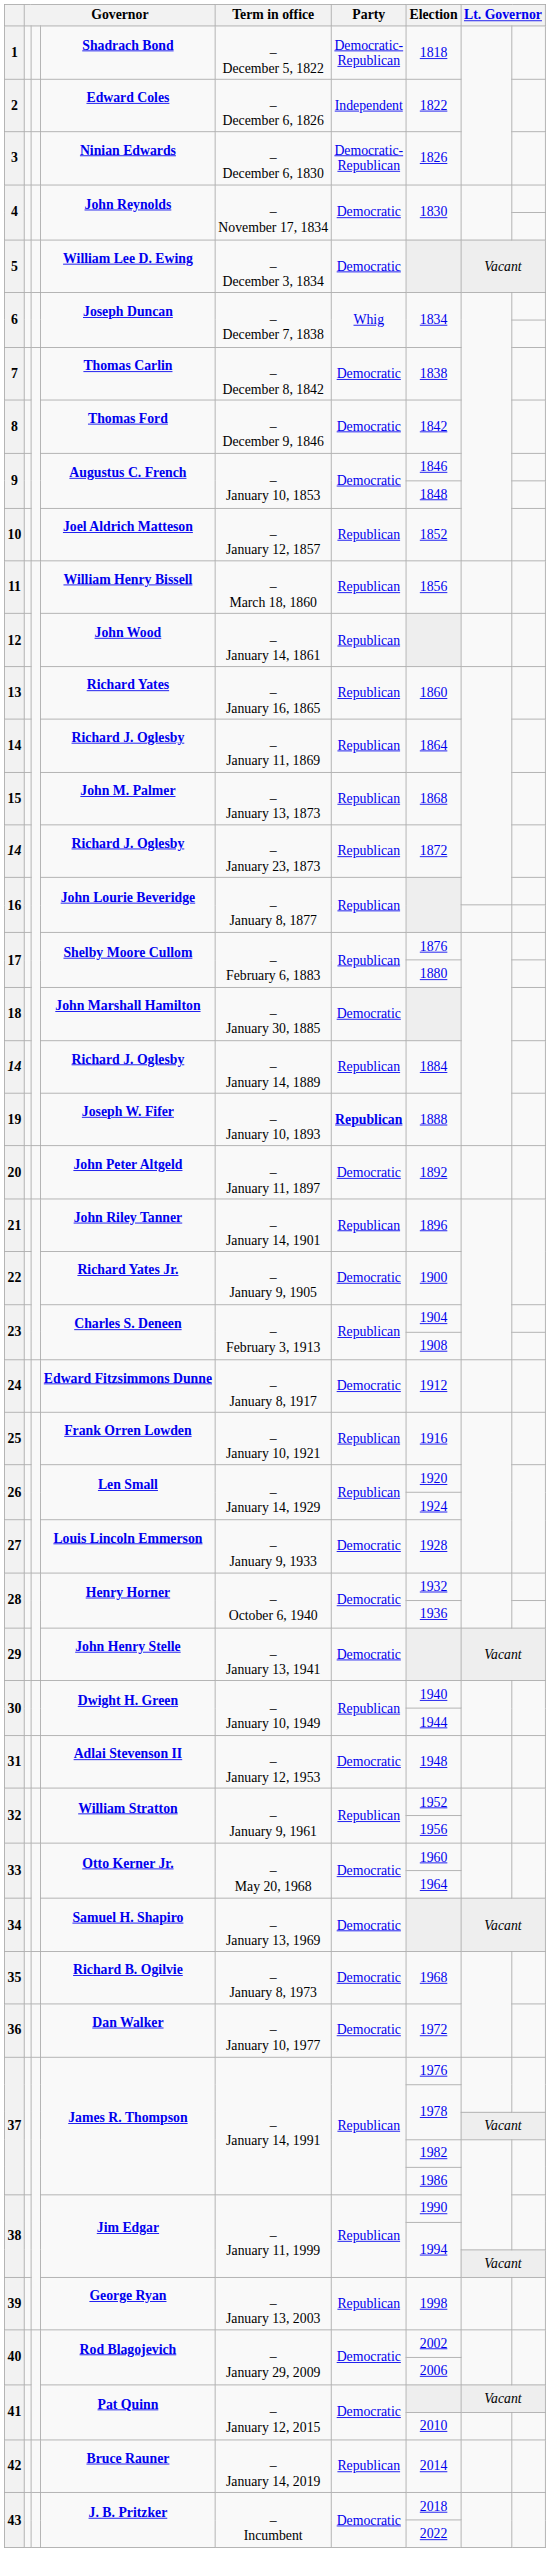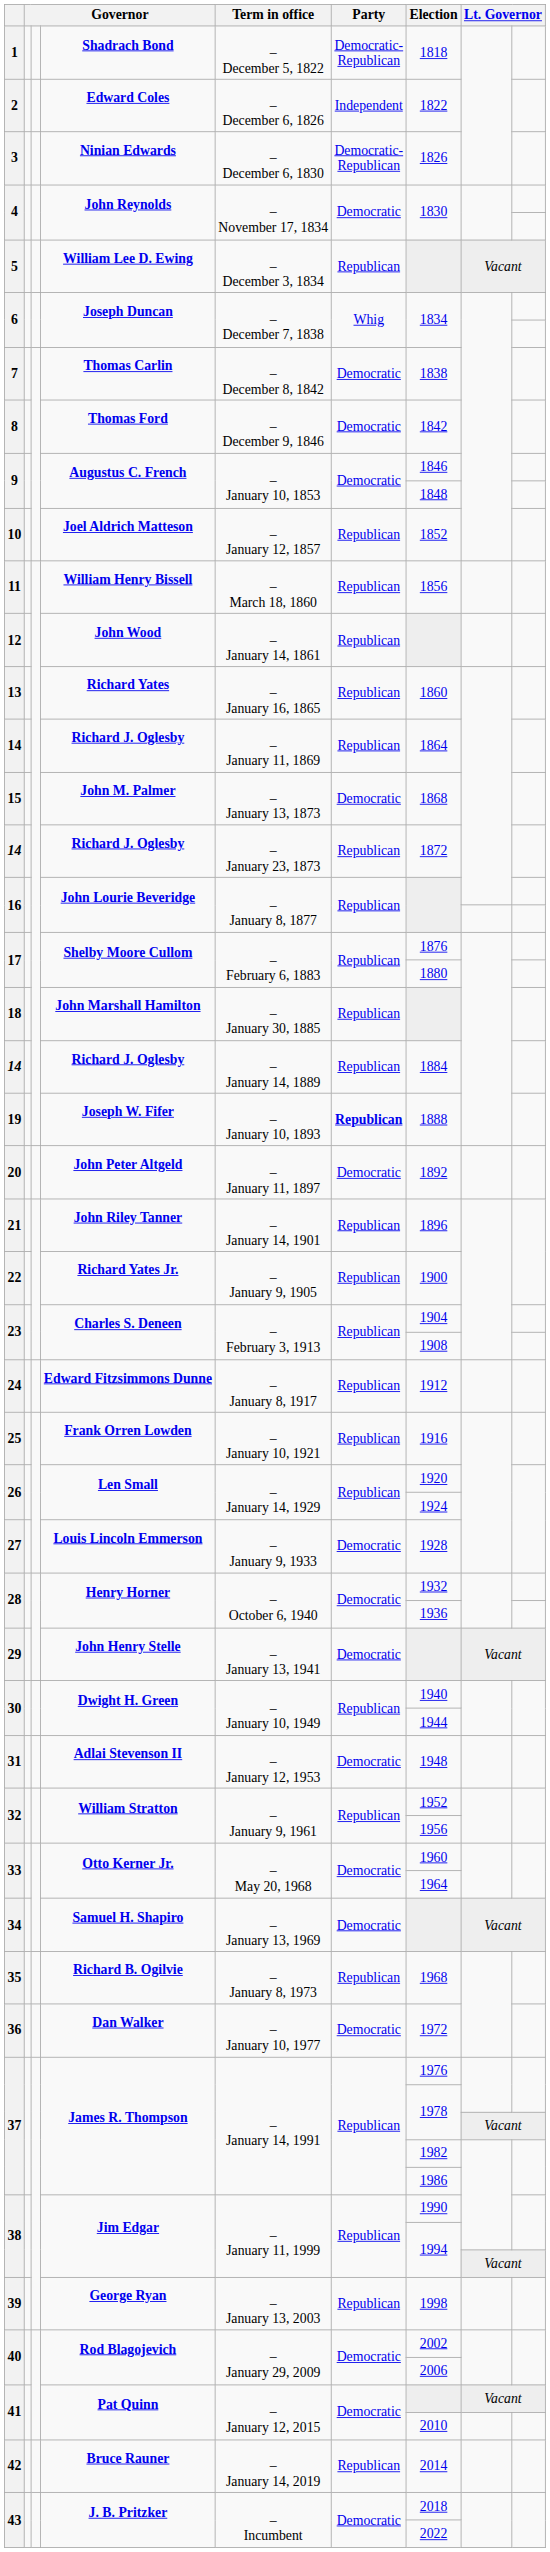 <table class="wikitable sortable mw-collapsible sticky-header-multi" style="text-align:center;">
 <tr>
 <th scope="col" data-sort-type="number"></th>
 <th scope="colgroup" colspan="3">Governor</th>
 <th scope="col">Term in office</th>
 <th scope="col">Party</th>
 <th scope="col">Election</th>
 <th scope="colgroup" colspan="2"><a href='#'>Lt. Governor</a></th>
 </tr>
 <tr style="height:2em;">
 <th scope="row">1</th>
 <td data-sort-value="Bond, Shadrach"></td>
 <td rowspan="1" style="background:"> </td>
 <td><strong><a href='#'>Shadrach Bond</a></strong><br><br></td>
 <td><br>–<br>December 5, 1822<br></td>
 <td><a href='#'>Democratic-<br>Republican</a></td>
 <td><a href='#'>1818</a></td>
 <td rowspan="3" style="background:"> </td>
 <td></td>
 </tr>
 <tr style="height:2em;">
 <th scope="row">2</th>
 <td data-sort-value="Coles, Edward"></td>
 <td rowspan="1" style="color:inherit;background:"></td>
 <td><strong><a href='#'>Edward Coles</a></strong><br><br></td>
 <td><br>–<br>December 6, 1826<br></td>
 <td><a href='#'>Independent</a></td>
 <td><a href='#'>1822</a></td>
 <td></td>
 </tr>
 <tr style="height:2em;">
 <th scope="row">3</th>
 <td data-sort-value="Edwards, Ninian"></td>
 <td rowspan="1" style="color:inherit;background:"></td>
 <td><strong><a href='#'>Ninian Edwards</a></strong><br><br></td>
 <td><br>–<br>December 6, 1830<br></td>
 <td><a href='#'>Democratic-<br>Republican</a></td>
 <td><a href='#'>1826</a></td>
 <td></td>
 </tr>
 <tr style="height:2em;">
 <th rowspan="2" scope="rowgroup">4</th>
 <td rowspan="2" data-sort-value="Reynolds, John"></td>
 <td rowspan="2" style="color:inherit;background:"></td>
 <td rowspan="2"><strong><a href='#'>John Reynolds</a></strong><br><br></td>
 <td rowspan="2"><br>–<br>November 17, 1834<br></td>
 <td rowspan="2"><a href='#'>Democratic</a></td>
 <td rowspan="2"><a href='#'>1830</a></td>
 <td rowspan="2" style="color:inherit;background:"></td>
 <td><br></td>
 </tr>
 <tr style="height:2em;">
 <td><br></td>
 </tr>
 <tr style="height:2em;">
 <th scope="row">5</th>
 <td data-sort-value="Ewing, William"></td>
 <td style="color:inherit;background:"></td>
 <td><strong><a href='#'>William Lee D. Ewing</a></strong><br><br></td>
 <td><br>–<br>December 3, 1834<br></td>
-<td><a href='#'>Democratic</a></td>
+<td><a href='#'>Republican</a></td>
 <td style="background:#EEEEEE;"></td>
 <td colspan="2" style="background:#EEEEEE;"><em>Vacant</em></td>
 </tr>
 <tr style="height:2em;">
 <th rowspan="2" scope="rowgroup">6</th>
 <td rowspan="2" data-sort-value="Duncan, Joseph"></td>
 <td rowspan="2" style="color:inherit;background:"></td>
 <td rowspan="2"><strong><a href='#'>Joseph Duncan</a></strong><br><br></td>
 <td rowspan="2"><br>–<br>December 7, 1838<br></td>
 <td rowspan="2"><a href='#'>Whig</a></td>
 <td rowspan="2"><a href='#'>1834</a></td>
 <td rowspan="7" style="color:inherit;background:"></td>
 <td><br></td>
 </tr>
 <tr style="height:2em;">
 <td><br></td>
 </tr>
 <tr style="height:2em;">
 <th scope="row">7</th>
 <td data-sort-value="Carlin, Thomas"></td>
 <td rowspan="5" style="color:inherit;background:"></td>
 <td><strong><a href='#'>Thomas Carlin</a></strong><br><br></td>
 <td><br>–<br>December 8, 1842<br></td>
 <td><a href='#'>Democratic</a></td>
 <td><a href='#'>1838</a></td>
 <td></td>
 </tr>
 <tr style="height:2em;">
 <th scope="row">8</th>
 <td data-sort-value="Ford, Thomas"></td>
 <td><strong><a href='#'>Thomas Ford</a></strong><br><br></td>
 <td><br>–<br>December 9, 1846<br></td>
 <td><a href='#'>Democratic</a></td>
 <td><a href='#'>1842</a></td>
 <td></td>
 </tr>
 <tr style="height:2em;">
 <th rowspan="2" scope="rowgroup">9</th>
 <td rowspan="2" data-sort-value="French, Augustus"></td>
 <td rowspan="2"><strong><a href='#'>Augustus C. French</a></strong><br><br></td>
 <td rowspan="2"><br>–<br>January 10, 1853<br></td>
 <td rowspan="2"><a href='#'>Democratic</a></td>
 <td><a href='#'>1846</a></td>
 <td></td>
 </tr>
 <tr style="height:2em;">
 <td><a href='#'>1848</a></td>
 <td></td>
 </tr>
 <tr style="height:2em;">
 <th scope="row">10</th>
 <td data-sort-value="Matteson, Joel"></td>
 <td><strong><a href='#'>Joel Aldrich Matteson</a></strong><br><br></td>
 <td><br>–<br>January 12, 1857<br></td>
 <td><a href='#'>Republican</a></td>
 <td><a href='#'>1852</a></td>
 <td></td>
 </tr>
 <tr style="height:2em;">
 <th scope="row">11</th>
 <td data-sort-value="Bissell, William"></td>
 <td rowspan="13" style="color:inherit;background:"></td>
 <td><strong><a href='#'>William Henry Bissell</a></strong><br><br></td>
 <td><br>–<br>March 18, 1860<br></td>
 <td><a href='#'>Republican</a></td>
 <td><a href='#'>1856</a></td>
 <td style="color:inherit;background:"></td>
 <td></td>
 </tr>
 <tr style="height:2em;">
 <th scope="row">12</th>
 <td data-sort-value="Wood, John"></td>
 <td><strong><a href='#'>John Wood</a></strong><br><br></td>
 <td><br>–<br>January 14, 1861<br></td>
 <td><a href='#'>Republican</a></td>
 <td style="background:#EEEEEE;"></td>
 <td style="color:inherit;background:"></td>
 <td><br></td>
 </tr>
 <tr style="height:2em;">
 <th scope="row">13</th>
 <td data-sort-value="Yates, Richard 1"></td>
 <td><strong><a href='#'>Richard Yates</a></strong><br><br></td>
 <td><br>–<br>January 16, 1865<br></td>
 <td><a href='#'>Republican</a></td>
 <td><a href='#'>1860</a></td>
 <td rowspan="5" style="color:inherit;background:"></td>
 <td></td>
 </tr>
 <tr style="height:2em;">
 <th scope="row">14</th>
 <td data-sort-value="Oglesby, Richard"></td>
 <td><strong><a href='#'>Richard J. Oglesby</a></strong><br><br></td>
 <td><br>–<br>January 11, 1869<br></td>
 <td><a href='#'>Republican</a></td>
 <td><a href='#'>1864</a></td>
 <td></td>
 </tr>
 <tr style="height:2em;">
 <th scope="row">15</th>
 <td data-sort-value="Palmer, John"></td>
 <td><strong><a href='#'>John M. Palmer</a></strong><br><br></td>
 <td><br>–<br>January 13, 1873<br></td>
-<td><a href='#'>Republican</a></td>
+<td><a href='#'>Democratic</a></td>
 <td><a href='#'>1868</a></td>
 <td></td>
 </tr>
 <tr style="height:2em;">
 <th scope="row"><em>14</em></th>
 <td data-sort-value="Oglesby, Richard"></td>
 <td><strong><a href='#'>Richard J. Oglesby</a></strong><br><br></td>
 <td><br>–<br>January 23, 1873<br></td>
 <td><a href='#'>Republican</a></td>
 <td><a href='#'>1872</a></td>
 <td></td>
 </tr>
 <tr style="height:2em;">
 <th rowspan="2" scope="rowgroup">16</th>
 <td rowspan="2" data-sort-value="Beveridge, John"></td>
 <td rowspan="2"><strong><a href='#'>John Lourie Beveridge</a></strong><br><br></td>
 <td rowspan="2"><br>–<br>January 8, 1877<br></td>
 <td rowspan="2"><a href='#'>Republican</a></td>
 <td rowspan="2" style="background:#EEEEEE;"></td>
 <td><br></td>
 </tr>
 <tr style="height:2em;">
 <td style="color:inherit;background:"></td>
 <td><br></td>
 </tr>
 <tr style="height:2em;">
 <th rowspan="2" scope="rowgroup">17</th>
 <td rowspan="2" data-sort-value="Cullom, Shelby"></td>
 <td rowspan="2"><strong><a href='#'>Shelby Moore Cullom</a></strong><br><br></td>
 <td rowspan="2"><br>–<br>February 6, 1883<br></td>
 <td rowspan="2"><a href='#'>Republican</a></td>
 <td><a href='#'>1876</a></td>
 <td rowspan="5" style="color:inherit;background:"></td>
 <td></td>
 </tr>
 <tr style="height:2em;">
 <td><a href='#'>1880</a></td>
 <td></td>
 </tr>
 <tr style="height:2em;">
 <th scope="row">18</th>
 <td data-sort-value="Hamilton, John"></td>
 <td><strong><a href='#'>John Marshall Hamilton</a></strong><br><br></td>
 <td><br>–<br>January 30, 1885<br></td>
-<td><a href='#'>Democratic</a></td>
+<td><a href='#'>Republican</a></td>
 <td style="background:#EEEEEE;"></td>
 <td><br></td>
 </tr>
 <tr style="height:2em;">
 <th scope="row"><em>14</em></th>
 <td data-sort-value="Oglesby, Richard"></td>
 <td><strong><a href='#'>Richard J. Oglesby</a></strong><br><br></td>
 <td><br>–<br>January 14, 1889<br></td>
 <td><a href='#'>Republican</a></td>
 <td><a href='#'>1884</a></td>
 <td></td>
 </tr>
 <tr style="height:2em;">
 <th scope="row">19</th>
 <td data-sort-value="Fifer, Joseph"></td>
 <td><strong><a href='#'>Joseph W. Fifer</a></strong><br><br></td>
 <td><br>–<br>January 10, 1893<br></td>
 <td><strong><a href='#'>Republican</a></strong></td>
 <td><a href='#'>1888</a></td>
 <td></td>
 </tr>
 <tr style="height:2em;">
 <th scope="row">20</th>
 <td data-sort-value="Altgeld, John"></td>
 <td style="color:inherit;background:"></td>
 <td><strong><a href='#'>John Peter Altgeld</a></strong><br><br></td>
 <td><br>–<br>January 11, 1897<br></td>
 <td><a href='#'>Democratic</a></td>
 <td><a href='#'>1892</a></td>
 <td style="color:inherit;background:"></td>
 <td></td>
 </tr>
 <tr style="height:2em;">
 <th scope="row">21</th>
 <td data-sort-value="Tanner, John"></td>
 <td rowspan="4" style="color:inherit;background:"></td>
 <td><strong><a href='#'>John Riley Tanner</a></strong><br><br></td>
 <td><br>–<br>January 14, 1901<br></td>
 <td><a href='#'>Republican</a></td>
 <td><a href='#'>1896</a></td>
 <td rowspan="4" style="color:inherit;background:"></td>
 <td rowspan="2"></td>
 </tr>
 <tr style="height:2em;">
 <th scope="row">22</th>
 <td data-sort-value="Yates, Richard 2"></td>
 <td><strong><a href='#'>Richard Yates Jr.</a></strong><br><br></td>
 <td><br>–<br>January 9, 1905<br></td>
-<td><a href='#'>Democratic</a></td>
+<td><a href='#'>Republican</a></td>
 <td><a href='#'>1900</a></td>
 </tr>
 <tr style="height:2em;">
 <th rowspan="2" scope="rowgroup">23</th>
 <td rowspan="2" data-sort-value="Deneen, Charles"></td>
 <td rowspan="2"><strong><a href='#'>Charles S. Deneen</a></strong><br><br></td>
 <td rowspan="2"><br>–<br>February 3, 1913<br></td>
 <td rowspan="2"><a href='#'>Republican</a></td>
 <td><a href='#'>1904</a></td>
 <td></td>
 </tr>
 <tr style="height:2em;">
 <td><a href='#'>1908</a></td>
 <td></td>
 </tr>
 <tr style="height:2em;">
 <th scope="row">24</th>
 <td data-sort-value="Dunne, Edward"></td>
 <td style="color:inherit;background:"></td>
 <td><strong><a href='#'>Edward Fitzsimmons Dunne</a></strong><br><br></td>
 <td><br>–<br>January 8, 1917<br></td>
-<td><a href='#'>Democratic</a></td>
+<td><a href='#'>Republican</a></td>
 <td><a href='#'>1912</a></td>
 <td style="color:inherit;background:"></td>
 <td></td>
 </tr>
 <tr style="height:2em;">
 <th scope="row">25</th>
 <td data-sort-value="Lowden, Frank"></td>
 <td rowspan="4" style="color:inherit;background:"></td>
 <td><strong><a href='#'>Frank Orren Lowden</a></strong><br><br></td>
 <td><br>–<br>January 10, 1921<br></td>
 <td><a href='#'>Republican</a></td>
 <td><a href='#'>1916</a></td>
 <td rowspan="4" style="color:inherit;background:"></td>
 <td></td>
 </tr>
 <tr style="height:2em;">
 <th rowspan="2" scope="rowgroup">26</th>
 <td rowspan="2" data-sort-value="Small, Len"></td>
 <td rowspan="2"><strong><a href='#'>Len Small</a></strong><br><br></td>
 <td rowspan="2"><br>–<br>January 14, 1929<br></td>
 <td rowspan="2"><a href='#'>Republican</a></td>
 <td><a href='#'>1920</a></td>
 <td rowspan="3"></td>
 </tr>
 <tr style="height:2em;">
 <td><a href='#'>1924</a></td>
 </tr>
 <tr style="height:2em;">
 <th scope="row">27</th>
 <td data-sort-value="Emmerson, Louis"></td>
 <td><strong><a href='#'>Louis Lincoln Emmerson</a></strong><br><br></td>
 <td><br>–<br>January 9, 1933<br></td>
 <td><a href='#'>Democratic</a></td>
 <td><a href='#'>1928</a></td>
 </tr>
 <tr style="height:2em;">
 <th rowspan="2" scope="rowgroup">28</th>
 <td rowspan="2" data-sort-value="Horner, Henry"></td>
 <td rowspan="3" style="color:inherit;background:"></td>
 <td rowspan="2"><strong><a href='#'>Henry Horner</a></strong><br><br></td>
 <td rowspan="2"><br>–<br>October 6, 1940<br></td>
 <td rowspan="2"><a href='#'>Democratic</a></td>
 <td><a href='#'>1932</a></td>
 <td rowspan="2" style="color:inherit;background:"></td>
 <td></td>
 </tr>
 <tr style="height:2em;">
 <td><a href='#'>1936</a></td>
 <td></td>
 </tr>
 <tr style="height:2em;">
 <th scope="row">29</th>
 <td data-sort-value="Stelle, John"></td>
 <td><strong><a href='#'>John Henry Stelle</a></strong><br><br></td>
 <td><br>–<br>January 13, 1941<br></td>
 <td><a href='#'>Democratic</a></td>
 <td style="background:#EEEEEE;"></td>
 <td colspan="2" style="background:#EEEEEE;"><em>Vacant</em></td>
 </tr>
 <tr style="height:2em;">
 <th rowspan="2" scope="rowgroup">30</th>
 <td rowspan="2" data-sort-value="Green, Dwight"></td>
 <td rowspan="2" style="color:inherit;background:"></td>
 <td rowspan="2"><strong><a href='#'>Dwight H. Green</a></strong><br><br></td>
 <td rowspan="2"><br>–<br>January 10, 1949<br></td>
 <td rowspan="2"><a href='#'>Republican</a></td>
 <td><a href='#'>1940</a></td>
 <td rowspan="2" style="color:inherit;background:"></td>
 <td rowspan="2"></td>
 </tr>
 <tr style="height:2em;">
 <td><a href='#'>1944</a></td>
 </tr>
 <tr style="height:2em;">
 <th scope="row">31</th>
 <td data-sort-value="Stevenson, Adlai"></td>
 <td style="color:inherit;background:"></td>
 <td><strong><a href='#'>Adlai Stevenson II</a></strong><br><br></td>
 <td><br>–<br>January 12, 1953<br></td>
 <td><a href='#'>Democratic</a></td>
 <td><a href='#'>1948</a></td>
 <td style="color:inherit;background:"></td>
 <td></td>
 </tr>
 <tr style="height:2em;">
 <th rowspan="2" scope="rowgroup">32</th>
 <td rowspan="2" data-sort-value="Stratton, William"></td>
 <td rowspan="2" style="color:inherit;background:"></td>
 <td rowspan="2"><strong><a href='#'>William Stratton</a></strong><br><br></td>
 <td rowspan="2"><br>–<br>January 9, 1961<br></td>
 <td rowspan="2"><a href='#'>Republican</a></td>
 <td><a href='#'>1952</a></td>
 <td rowspan="2" style="color:inherit;background:"></td>
 <td rowspan="2"></td>
 </tr>
 <tr style="height:2em;">
 <td><a href='#'>1956</a></td>
 </tr>
 <tr style="height:2em;">
 <th rowspan="2" scope="rowgroup">33</th>
 <td rowspan="2" data-sort-value="Kerner, Otto"></td>
 <td rowspan="3" style="color:inherit;background:"></td>
 <td rowspan="2"><strong><a href='#'>Otto Kerner Jr.</a></strong><br><br></td>
 <td rowspan="2"><br>–<br>May 20, 1968<br></td>
 <td rowspan="2"><a href='#'>Democratic</a></td>
 <td><a href='#'>1960</a></td>
 <td rowspan="2" style="color:inherit;background:"></td>
 <td rowspan="2"></td>
 </tr>
 <tr style="height:2em;">
 <td><a href='#'>1964</a></td>
 </tr>
 <tr style="height:2em;">
 <th scope="row">34</th>
 <td data-sort-value="Shapiro, Samuel"></td>
 <td><strong><a href='#'>Samuel H. Shapiro</a></strong><br><br></td>
 <td><br>–<br>January 13, 1969<br></td>
 <td><a href='#'>Democratic</a></td>
 <td style="background:#EEEEEE;"></td>
 <td colspan="2" style="background:#EEEEEE;"><em>Vacant</em></td>
 </tr>
 <tr style="height:2em;">
 <th scope="row">35</th>
 <td data-sort-value="Ogilvie, Richard"></td>
 <td style="color:inherit;background:"></td>
 <td><strong><a href='#'>Richard B. Ogilvie</a></strong><br><br></td>
 <td><br>–<br>January 8, 1973<br></td>
-<td><a href='#'>Democratic</a></td>
+<td><a href='#'>Republican</a></td>
 <td><a href='#'>1968</a></td>
 <td rowspan="2" style="color:inherit;background:"></td>
 <td></td>
 </tr>
 <tr style="height:2em;">
 <th scope="row">36</th>
 <td data-sort-value="Walker, Dan"></td>
 <td style="color:inherit;background:"></td>
 <td><strong><a href='#'>Dan Walker</a></strong><br><br></td>
 <td><br>–<br>January 10, 1977<br></td>
 <td><a href='#'>Democratic</a></td>
 <td><a href='#'>1972</a></td>
 <td></td>
 </tr>
 <tr style="height:2em;">
 <th rowspan="5" scope="rowgroup">37</th>
 <td rowspan="5" data-sort-value="Thompson, James"></td>
 <td rowspan="9" style="color:inherit;background:"></td>
 <td rowspan="5"><strong><a href='#'>James R. Thompson</a></strong><br><br></td>
 <td rowspan="5"><br>–<br>January 14, 1991<br></td>
 <td rowspan="5"><a href='#'>Republican</a></td>
 <td><a href='#'>1976</a></td>
 <td rowspan="2" style="color:inherit;background:"></td>
 <td rowspan="2"><br></td>
 </tr>
 <tr style="height:2em;">
 <td rowspan="2"><a href='#'>1978</a></td>
 </tr>
 <tr style="height:2em;">
 <td colspan="2" style="background:#EEEEEE;"><em>Vacant</em></td>
 </tr>
 <tr style="height:2em;">
 <td><a href='#'>1982</a></td>
 <td rowspan="4" style="color:inherit;background:"></td>
 <td rowspan="2"></td>
 </tr>
 <tr style="height:2em;">
 <td><a href='#'>1986</a></td>
 </tr>
 <tr style="height:2em;">
 <th rowspan="3" scope="rowgroup">38</th>
 <td rowspan="3" data-sort-value="Edgar, Jim"></td>
 <td rowspan="3"><strong><a href='#'>Jim Edgar</a></strong><br><br></td>
 <td rowspan="3"><br>–<br>January 11, 1999<br></td>
 <td rowspan="3"><a href='#'>Republican</a></td>
 <td><a href='#'>1990</a></td>
 <td rowspan="2"><br></td>
 </tr>
 <tr style="height:2em;">
 <td rowspan="2"><a href='#'>1994</a></td>
 </tr>
 <tr style="height:2em;">
 <td colspan="2" style="background:#EEEEEE;"><em>Vacant</em></td>
 </tr>
 <tr style="height:2em;">
 <th scope="row">39</th>
 <td data-sort-value="Ryan, George"></td>
 <td><strong><a href='#'>George Ryan</a></strong><br><br></td>
 <td><br>–<br>January 13, 2003<br></td>
 <td><a href='#'>Republican</a></td>
 <td><a href='#'>1998</a></td>
 <td style="color:inherit;background:"></td>
 <td></td>
 </tr>
 <tr style="height:2em;">
 <th rowspan="2" scope="rowgroup">40</th>
 <td rowspan="2" data-sort-value="Blagojevich, Rod"></td>
 <td rowspan="4" style="color:inherit;background:"></td>
 <td rowspan="2"><strong><a href='#'>Rod Blagojevich</a></strong><br><br></td>
 <td rowspan="2"><br>–<br>January 29, 2009<br></td>
 <td rowspan="2"><a href='#'>Democratic</a></td>
 <td><a href='#'>2002</a></td>
 <td rowspan="2" style="color:inherit;background:"></td>
 <td rowspan="2"></td>
 </tr>
 <tr style="height:2em;">
 <td><a href='#'>2006</a></td>
 </tr>
 <tr style="height:2em;">
 <th rowspan="2" scope="rowgroup">41</th>
 <td rowspan="2" data-sort-value="Quinn, Pat"></td>
 <td rowspan="2"><strong><a href='#'>Pat Quinn</a></strong><br><br></td>
 <td rowspan="2"><br>–<br>January 12, 2015<br></td>
 <td rowspan="2"><a href='#'>Democratic</a></td>
 <td style="background:#EEEEEE;"></td>
 <td colspan="2" style="background:#EEEEEE;"><em>Vacant</em></td>
 </tr>
 <tr style="height:2em;">
 <td><a href='#'>2010</a></td>
 <td style="color:inherit;background:"></td>
 <td></td>
 </tr>
 <tr style="height:2em;">
 <th scope="row">42</th>
 <td data-sort-value="Rauner, Bruce"></td>
 <td style="color:inherit;background:"></td>
 <td><strong><a href='#'>Bruce Rauner</a></strong><br><br></td>
 <td><br>–<br>January 14, 2019<br></td>
 <td><a href='#'>Republican</a></td>
 <td><a href='#'>2014</a></td>
 <td style="color:inherit;background:"></td>
 <td></td>
 </tr>
 <tr style="height:2em;">
 <th rowspan="2" scope="rowgroup">43</th>
 <td rowspan="2" data-sort-value="Pritzker, J. B."></td>
 <td rowspan="2" style="color:inherit;background:"></td>
 <td rowspan="2"><strong><a href='#'>J. B. Pritzker</a></strong><br><br></td>
 <td rowspan="2"><br>–<br>Incumbent</td>
 <td rowspan="2"><a href='#'>Democratic</a></td>
 <td><a href='#'>2018</a></td>
 <td rowspan="2" style="color:inherit;background:"></td>
 <td rowspan="2"></td>
 </tr>
 <tr style="height:2em;">
 <td><a href='#'>2022</a></td>
 </tr>
 </table>
